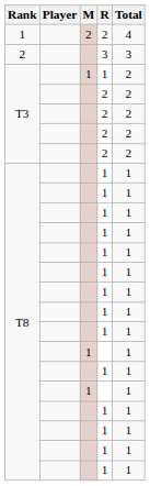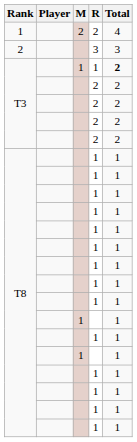 <table class="sortable wikitable" style="font-size:100%; text-align:center">
 <tr>
 <th>Rank</th>
 <th>Player</th>
 <th>M</th>
 <th>R</th>
 <th>Total</th>
 </tr>
 <tr>
 <td>1</td>
 <td align="left"></td>
 <td style="background:#e5d1cb;">2</td>
 <td style="background:#fff;">2</td>
 <td>4</td>
 </tr>
 <tr>
 <td>2</td>
 <td align="left"></td>
 <td style="background:#e5d1cb;"></td>
 <td style="background:#fff;">3</td>
 <td>3</td>
 </tr>
 <tr>
 <td rowspan=5>T3</td>
 <td align="left"></td>
 <td style="background:#e5d1cb;">1</td>
 <td style="background:#fff;">1</td>
-<td>2</td>
+<td><strong>2</strong></td>
 </tr>
 <tr>
 <td align="left"></td>
 <td style="background:#e5d1cb;"></td>
 <td style="background:#fff;">2</td>
 <td>2</td>
 </tr>
 <tr>
 <td align="left"></td>
 <td style="background:#e5d1cb;"></td>
 <td style="background:#fff;">2</td>
 <td>2</td>
 </tr>
 <tr>
 <td align="left"></td>
 <td style="background:#e5d1cb;"></td>
 <td style="background:#fff;">2</td>
 <td>2</td>
 </tr>
 <tr>
 <td align="left"></td>
 <td style="background:#e5d1cb;"></td>
 <td style="background:#fff;">2</td>
 <td>2</td>
 </tr>
 <tr>
 <td rowspan=16>T8</td>
 <td align="left"></td>
 <td style="background:#e5d1cb;"></td>
 <td style="background:#fff;">1</td>
 <td>1</td>
 </tr>
 <tr>
 <td align="left"></td>
 <td style="background:#e5d1cb;"></td>
 <td style="background:#fff;">1</td>
 <td>1</td>
 </tr>
 <tr>
 <td align="left"></td>
 <td style="background:#e5d1cb;"></td>
 <td style="background:#fff;">1</td>
 <td>1</td>
 </tr>
 <tr>
 <td align="left"></td>
 <td style="background:#e5d1cb;"></td>
 <td style="background:#fff;">1</td>
 <td>1</td>
 </tr>
 <tr>
 <td align="left"></td>
 <td style="background:#e5d1cb;"></td>
 <td style="background:#fff;">1</td>
 <td>1</td>
 </tr>
 <tr>
 <td align="left"></td>
 <td style="background:#e5d1cb;"></td>
 <td style="background:#fff;">1</td>
 <td>1</td>
 </tr>
 <tr>
 <td align="left"></td>
 <td style="background:#e5d1cb;"></td>
 <td style="background:#fff;">1</td>
 <td>1</td>
 </tr>
 <tr>
 <td align="left"></td>
 <td style="background:#e5d1cb;"></td>
 <td style="background:#fff;">1</td>
 <td>1</td>
 </tr>
 <tr>
 <td align="left"></td>
 <td style="background:#e5d1cb;"></td>
 <td style="background:#fff;">1</td>
 <td>1</td>
 </tr>
 <tr>
 <td align="left"></td>
 <td style="background:#e5d1cb;">1</td>
 <td style="background:#fff;"></td>
 <td>1</td>
 </tr>
 <tr>
 <td align="left"></td>
 <td style="background:#e5d1cb;"></td>
 <td style="background:#fff;">1</td>
 <td>1</td>
 </tr>
 <tr>
 <td align="left"></td>
 <td style="background:#e5d1cb;">1</td>
 <td style="background:#fff;"></td>
 <td>1</td>
 </tr>
 <tr>
 <td align="left"></td>
 <td style="background:#e5d1cb;"></td>
 <td style="background:#fff;">1</td>
 <td>1</td>
 </tr>
 <tr>
 <td align="left"></td>
 <td style="background:#e5d1cb;"></td>
 <td style="background:#fff;">1</td>
 <td>1</td>
 </tr>
 <tr>
 <td align="left"></td>
 <td style="background:#e5d1cb;"></td>
 <td style="background:#fff;">1</td>
 <td>1</td>
 </tr>
 <tr>
 <td align="left"></td>
 <td style="background:#e5d1cb;"></td>
 <td style="background:#fff;">1</td>
 <td>1</td>
 </tr>
 </table>
